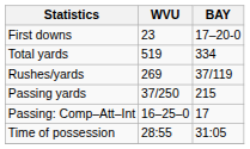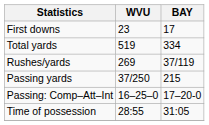 <table class="wikitable" style="float: left;">
 <tr>
 <th>Statistics</th>
 <th>WVU</th>
 <th>BAY</th>
 </tr>
 <tr>
 <td>First downs</td>
 <td>23</td>
-<td>17–20-0</td>
+<td>17</td>
 </tr>
 <tr>
 <td>Total yards</td>
 <td>519</td>
 <td>334</td>
 </tr>
 <tr>
 <td>Rushes/yards</td>
 <td>269</td>
 <td>37/119</td>
 </tr>
 <tr>
 <td>Passing yards</td>
 <td>37/250</td>
 <td>215</td>
 </tr>
 <tr>
 <td>Passing: Comp–Att–Int</td>
 <td>16–25–0</td>
-<td>17</td>
+<td>17–20-0</td>
 </tr>
 <tr>
 <td>Time of possession</td>
 <td>28:55</td>
 <td>31:05</td>
 </tr>
 <tr>
 </tr>
 </table>
